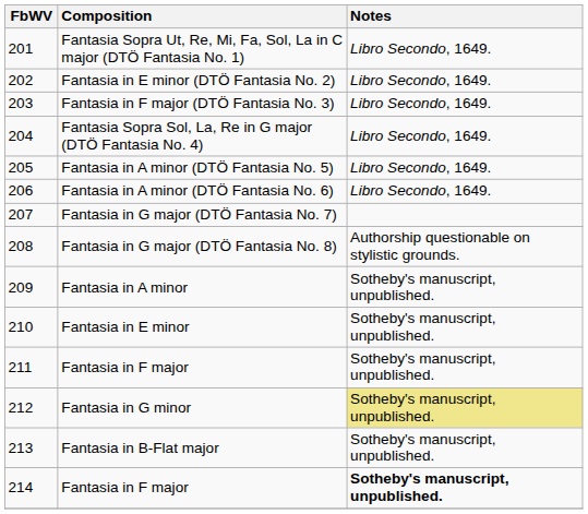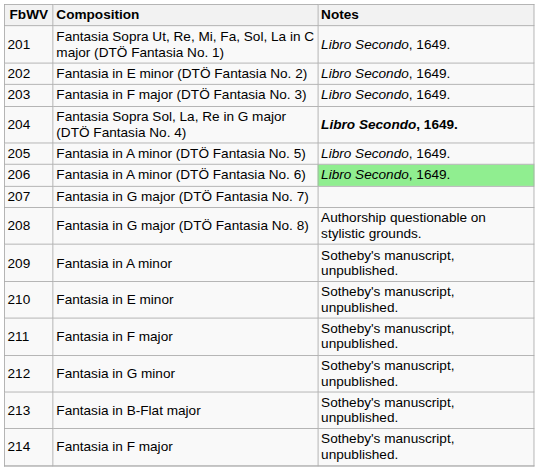 <table class="wikitable" width="100%">
 <tr>
 <th width="50">FbWV</th>
 <th style="text-align: left; width: 50%">Composition</th>
 <th style="text-align: left;">Notes</th>
 </tr>
 <tr>
 <td>201</td>
 <td>Fantasia Sopra Ut, Re, Mi, Fa, Sol, La in C major (DTÖ Fantasia No. 1)</td>
 <td><em>Libro Secondo</em>, 1649.</td>
 </tr>
 <tr>
 <td>202</td>
 <td>Fantasia in E minor (DTÖ Fantasia No. 2)</td>
 <td><em>Libro Secondo</em>, 1649.</td>
 </tr>
 <tr>
 <td>203</td>
 <td>Fantasia in F major (DTÖ Fantasia No. 3)</td>
 <td><em>Libro Secondo</em>, 1649.</td>
 </tr>
 <tr>
 <td>204</td>
 <td>Fantasia Sopra Sol, La, Re in G major (DTÖ Fantasia No. 4)</td>
-<td><em>Libro Secondo</em>, 1649.</td>
+<td><strong><em>Libro Secondo</em>, 1649.</strong></td>
 </tr>
 <tr>
 <td>205</td>
 <td>Fantasia in A minor (DTÖ Fantasia No. 5)</td>
 <td><em>Libro Secondo</em>, 1649.</td>
 </tr>
 <tr>
 <td>206</td>
 <td>Fantasia in A minor (DTÖ Fantasia No. 6)</td>
-<td><em>Libro Secondo</em>, 1649.</td>
+<td style="background: lightgreen;"><em>Libro Secondo</em>, 1649.</td>
 </tr>
 <tr>
 <td>207</td>
 <td>Fantasia in G major (DTÖ Fantasia No. 7)</td>
 <td></td>
 </tr>
 <tr>
 <td>208</td>
 <td>Fantasia in G major (DTÖ Fantasia No. 8)</td>
 <td>Authorship questionable on stylistic grounds.</td>
 </tr>
 <tr>
 <td>209</td>
 <td>Fantasia in A minor</td>
 <td>Sotheby's manuscript, unpublished.</td>
 </tr>
 <tr>
 <td>210</td>
 <td>Fantasia in E minor</td>
 <td>Sotheby's manuscript, unpublished.</td>
 </tr>
 <tr>
 <td>211</td>
 <td>Fantasia in F major</td>
 <td>Sotheby's manuscript, unpublished.</td>
 </tr>
 <tr>
 <td>212</td>
 <td>Fantasia in G minor</td>
-<td style="background: khaki;">Sotheby's manuscript, unpublished.</td>
+<td>Sotheby's manuscript, unpublished.</td>
 </tr>
 <tr>
 <td>213</td>
 <td>Fantasia in B-Flat major</td>
 <td>Sotheby's manuscript, unpublished.</td>
 </tr>
 <tr>
 <td>214</td>
 <td>Fantasia in F major</td>
-<td><strong>Sotheby's manuscript, unpublished.</strong></td>
+<td>Sotheby's manuscript, unpublished.</td>
 </tr>
 <tr>
 </tr>
 </table>
